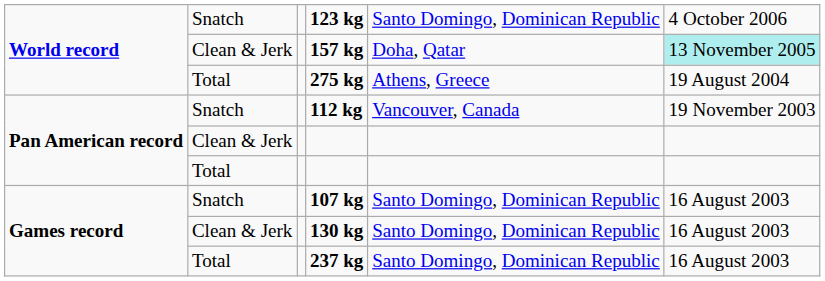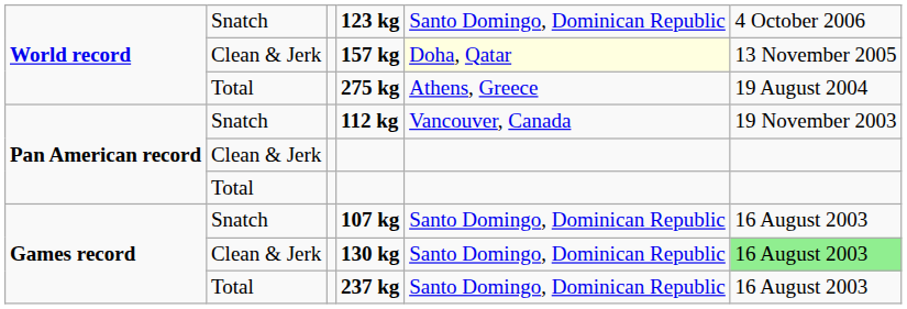 <table class="wikitable">
 <tr>
 <td rowspan=3><strong><a href='#'>World record</a></strong></td>
 <td>Snatch</td>
 <td></td>
 <td><strong>123 kg</strong></td>
 <td><a href='#'>Santo Domingo</a>, <a href='#'>Dominican Republic</a></td>
 <td>4 October 2006</td>
 </tr>
 <tr>
 <td>Clean & Jerk</td>
 <td></td>
 <td><strong>157 kg</strong></td>
-<td><a href='#'>Doha</a>, <a href='#'>Qatar</a></td>
-<td style="background: paleturquoise;">13 November 2005</td>
+<td style="background: lightyellow;"><a href='#'>Doha</a>, <a href='#'>Qatar</a></td>
+<td>13 November 2005</td>
 </tr>
 <tr>
 <td>Total</td>
 <td></td>
 <td><strong>275 kg</strong></td>
 <td><a href='#'>Athens</a>, <a href='#'>Greece</a></td>
 <td>19 August 2004</td>
 </tr>
 <tr>
 <td rowspan=3><strong>Pan American record</strong></td>
 <td>Snatch</td>
 <td></td>
 <td><strong>112 kg</strong></td>
 <td><a href='#'>Vancouver</a>, <a href='#'>Canada</a></td>
 <td>19 November 2003</td>
 </tr>
 <tr>
 <td>Clean & Jerk</td>
 <td></td>
 <td></td>
 <td></td>
 <td></td>
 </tr>
 <tr>
 <td>Total</td>
 <td></td>
 <td></td>
 <td></td>
 <td></td>
 </tr>
 <tr>
 <td rowspan=3><strong>Games record</strong></td>
 <td>Snatch</td>
 <td></td>
 <td><strong>107 kg</strong></td>
 <td><a href='#'>Santo Domingo</a>, <a href='#'>Dominican Republic</a></td>
 <td>16 August 2003</td>
 </tr>
 <tr>
 <td>Clean & Jerk</td>
 <td></td>
 <td><strong>130 kg</strong></td>
 <td><a href='#'>Santo Domingo</a>, <a href='#'>Dominican Republic</a></td>
-<td>16 August 2003</td>
+<td style="background: lightgreen;">16 August 2003</td>
 </tr>
 <tr>
 <td>Total</td>
 <td></td>
 <td><strong>237 kg</strong></td>
 <td><a href='#'>Santo Domingo</a>, <a href='#'>Dominican Republic</a></td>
 <td>16 August 2003</td>
 </tr>
 </table>
